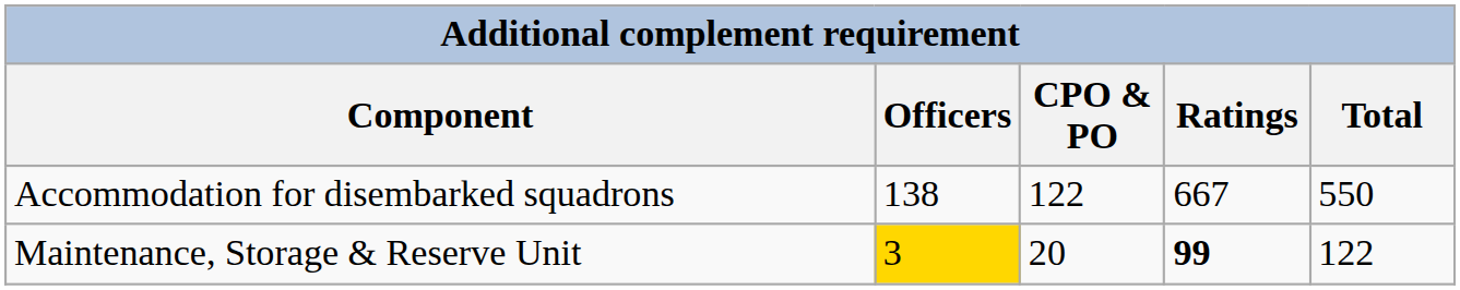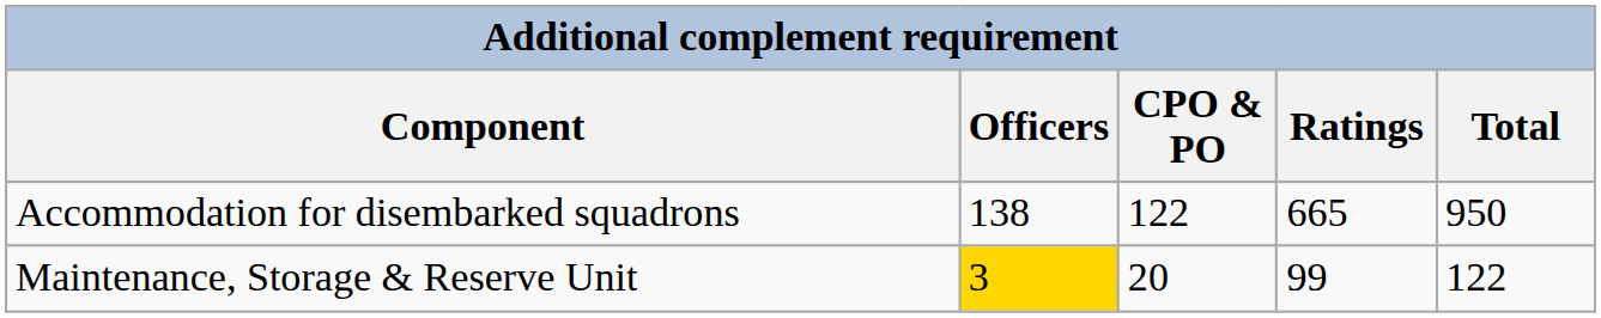 <table class="wikitable" style="margin:auto; width:100%;">
 <tr>
 <th style="align: center; background:#B0C4DE;" colspan="6">Additional complement requirement</th>
 </tr>
 <tr>
 <th style="text-align:center; width:60%;">Component</th>
 <th style="text-align:center; width:10%;">Officers</th>
 <th style="text-align:center; width:10%;">CPO & PO</th>
 <th style="text-align:center; width:10%;">Ratings</th>
 <th style="text-align:center; width:10%;">Total</th>
 </tr>
 <tr>
 <td>Accommodation for disembarked squadrons</td>
 <td>138</td>
 <td>122</td>
-<td>667</td>
-<td>550</td>
+<td>665</td>
+<td>950</td>
 </tr>
 <tr>
 <td>Maintenance, Storage & Reserve Unit</td>
 <td style="background: gold;">3</td>
 <td>20</td>
-<td><strong>99</strong></td>
+<td>99</td>
 <td>122</td>
 </tr>
 </table>
